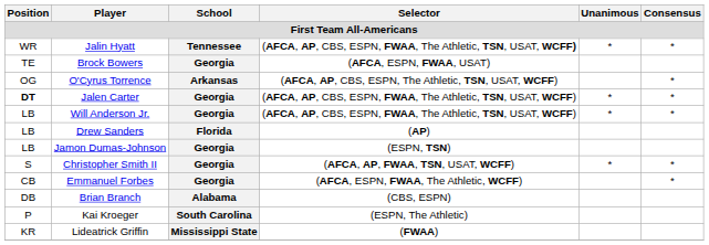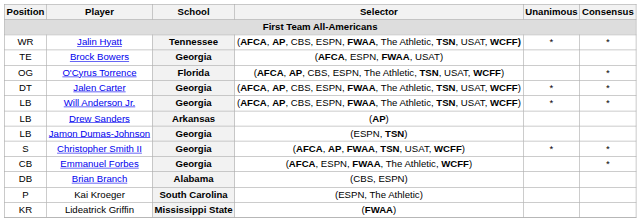 <table class="wikitable" border="0">
 <tr>
 <th>Position</th>
 <th>Player</th>
 <th>School</th>
 <th>Selector</th>
 <th>Unanimous</th>
 <th>Consensus</th>
 </tr>
 <tr>
 <td colspan="6" style="text-align:center; background:#ddd;"><strong>First Team All-Americans</strong></td>
 </tr>
 <tr style="text-align:center;">
 <td style="background:white">WR</td>
 <td style="background:white"><a href='#'>Jalin Hyatt</a></td>
 <th>Tennessee</th>
 <td style="background:white">(<strong>AFCA</strong>, <strong>AP</strong>, CBS, ESPN, <strong>FWAA</strong>, The Athletic, <strong>TSN</strong>, USAT, <strong>WCFF)</strong></td>
 <td style="background:white">*</td>
 <td style="background:white">*</td>
 </tr>
 <tr style="text-align:center;">
 <td style="background:white">TE</td>
 <td style="background:white"><a href='#'>Brock Bowers</a></td>
 <th>Georgia</th>
 <td style="background:white">(<strong>AFCA</strong>, ESPN, <strong>FWAA</strong>, USAT)</td>
 <td style="background:white"></td>
 <td style="background:white"></td>
 </tr>
 <tr style="text-align:center;">
 <td style="background:white">OG</td>
 <td style="background:white"><a href='#'>O'Cyrus Torrence</a></td>
-<th>Arkansas</th>
+<th>Florida</th>
 <td style="background:white">(<strong>AFCA</strong>, <strong>AP</strong>, CBS, ESPN, The Athletic, <strong>TSN</strong>, USAT, <strong>WCFF</strong>)</td>
 <td style="background:white"></td>
 <td style="background:white">*</td>
 </tr>
 <tr style="text-align:center;">
-<td style="background:white"><strong>DT</strong></td>
+<td style="background:white">DT</td>
 <td style="background:white"><a href='#'>Jalen Carter</a></td>
 <th>Georgia</th>
 <td style="background:white">(<strong>AFCA</strong>, <strong>AP</strong>, CBS, ESPN, <strong>FWAA</strong>, The Athletic, <strong>TSN</strong>, USAT, <strong>WCFF</strong>)</td>
 <td style="background:white">*</td>
 <td style="background:white">*</td>
 </tr>
 <tr style="text-align:center;">
 <td style="background:white">LB</td>
 <td style="background:white"><a href='#'>Will Anderson Jr.</a></td>
 <th>Georgia</th>
 <td style="background:white">(<strong>AFCA</strong>, <strong>AP</strong>, CBS, ESPN, <strong>FWAA</strong>, The Athletic, <strong>TSN</strong>, USAT, <strong>WCFF</strong>)</td>
 <td style="background:white">*</td>
 <td style="background:white">*</td>
 </tr>
 <tr style="text-align:center;">
 <td style="background:white">LB</td>
 <td style="background:white"><a href='#'>Drew Sanders</a></td>
-<th>Florida</th>
+<th>Arkansas</th>
 <td style="background:white">(<strong>AP</strong>)</td>
 <td style="background:white"></td>
 <td style="background:white"></td>
 </tr>
 <tr style="text-align:center;">
 <td style="background:white">LB</td>
 <td style="background:white"><a href='#'>Jamon Dumas-Johnson</a></td>
 <th>Georgia</th>
 <td style="background:white">(ESPN, <strong>TSN</strong>)</td>
 <td style="background:white"></td>
 <td style="background:white"></td>
 </tr>
 <tr style="text-align:center;">
 <td style="background:white">S</td>
 <td style="background:white"><a href='#'>Christopher Smith II</a></td>
 <th>Georgia</th>
 <td style="background:white">(<strong>AFCA</strong>, <strong>AP</strong>, <strong>FWAA</strong>, <strong>TSN</strong>, USAT, <strong>WCFF</strong>)</td>
 <td style="background:white">*</td>
 <td style="background:white">*</td>
 </tr>
 <tr style="text-align:center;">
 <td style="background:white">CB</td>
 <td style="background:white"><a href='#'>Emmanuel Forbes</a></td>
 <th>Georgia</th>
 <td style="background:white">(<strong>AFCA</strong>, ESPN, <strong>FWAA</strong>, The Athletic, <strong>WCFF</strong>)</td>
 <td style="background:white"></td>
 <td style="background:white">*</td>
 </tr>
 <tr style="text-align:center;">
 <td style="background:white">DB</td>
 <td style="background:white"><a href='#'>Brian Branch</a></td>
 <th>Alabama</th>
 <td style="background:white">(CBS, ESPN)</td>
 <td style="background:white"></td>
 <td style="background:white"></td>
 </tr>
 <tr style="text-align:center;">
 <td style="background:white">P</td>
 <td style="background:white">Kai Kroeger</td>
 <th>South Carolina</th>
 <td style="background:white">(ESPN, The Athletic)</td>
 <td style="background:white"></td>
 <td style="background:white"></td>
 </tr>
 <tr style="text-align:center;">
 <td style="background:white">KR</td>
 <td style="background:white">Lideatrick Griffin</td>
 <th>Mississippi State</th>
 <td style="background:white">(<strong>FWAA</strong>)</td>
 <td style="background:white"></td>
 <td style="background:white"></td>
 </tr>
 <tr>
 </tr>
 </table>
